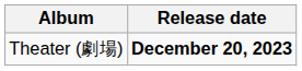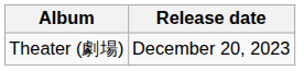 <table class="wikitable">
 <tr>
 <th>Album</th>
 <th>Release date</th>
 </tr>
 <tr>
 <td>Theater (劇場)</td>
-<td><strong>December 20, 2023</strong></td>
+<td>December 20, 2023</td>
 </tr>
 </table>
